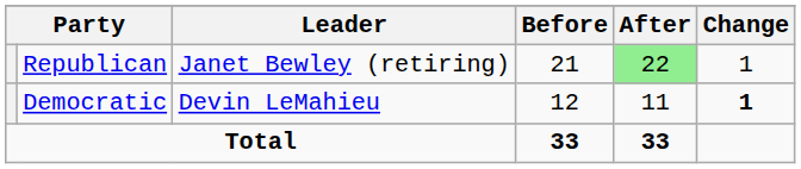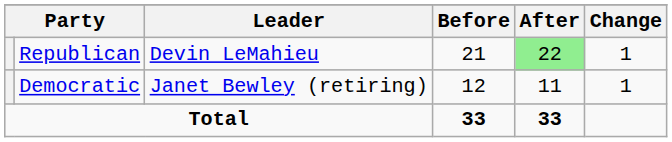 <table class="wikitable" style="text-align:center;">
 <tr>
 </tr>
 <tr>
 <th colspan=2>Party</th>
 <th>Leader</th>
 <th style="width:3em">Before</th>
 <th style="width:3em">After</th>
 <th style="width:3em">Change</th>
 </tr>
 <tr>
 <th style="background-color:"></th>
 <td style="text-align:left;"><a href='#'>Republican</a></td>
-<td style="text-align:left;"><a href='#'>Janet Bewley</a> (retiring)</td>
+<td style="text-align:left;"><a href='#'>Devin LeMahieu</a></td>
 <td>21</td>
 <td style="background: lightgreen;">22</td>
 <td>1</td>
 </tr>
 <tr>
 <th style="background-color:"></th>
 <td style="text-align:left;"><a href='#'>Democratic</a></td>
-<td style="text-align:left;"><a href='#'>Devin LeMahieu</a></td>
+<td style="text-align:left;"><a href='#'>Janet Bewley</a> (retiring)</td>
 <td>12</td>
 <td>11</td>
-<td><strong>1</strong></td>
+<td>1</td>
 </tr>
 <tr>
 <td colspan=3><strong>Total</strong></td>
 <td><strong>33</strong></td>
 <td><strong>33</strong></td>
 <td></td>
 </tr>
 </table>
